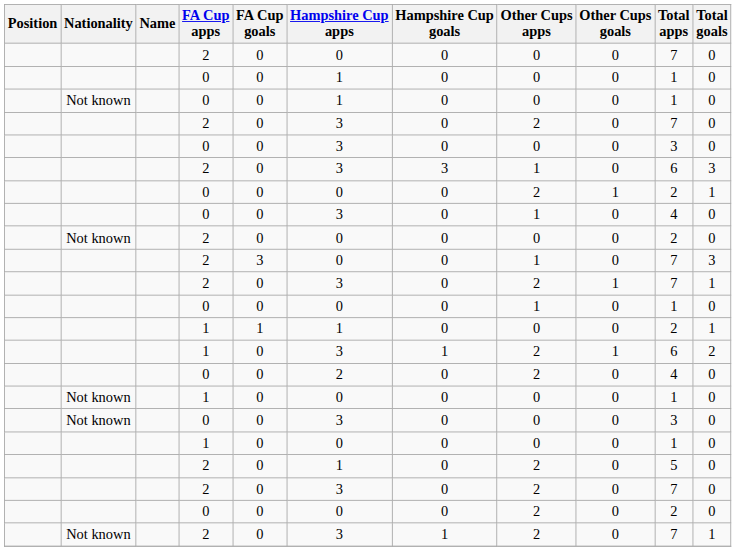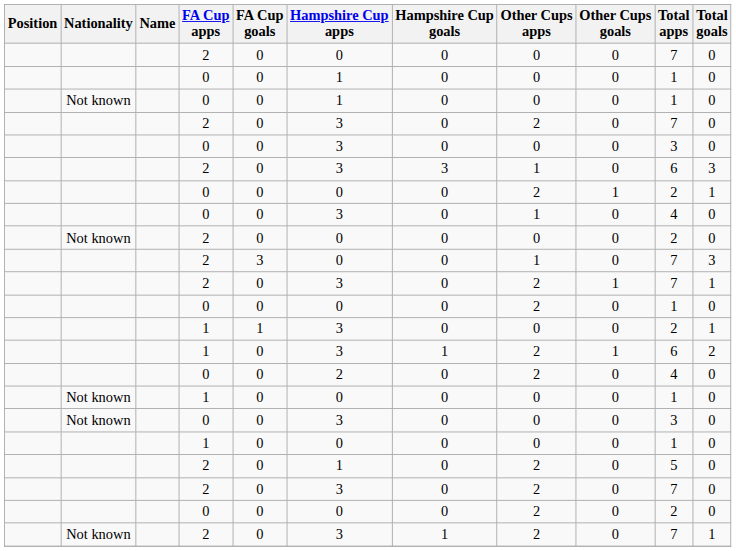 <table class="wikitable sortable" style="text-align:center">
 <tr>
 <th>Position</th>
 <th>Nationality</th>
 <th>Name</th>
 <th><a href='#'>FA Cup</a><br>apps</th>
 <th>FA Cup<br>goals</th>
 <th><a href='#'>Hampshire Cup</a><br>apps</th>
 <th>Hampshire Cup<br>goals</th>
 <th>Other Cups<br>apps</th>
 <th>Other Cups<br>goals</th>
 <th>Total<br>apps</th>
 <th>Total<br>goals</th>
 </tr>
 <tr>
 <td></td>
 <td></td>
 <td align="left">  </td>
 <td>2</td>
 <td>0</td>
 <td>0</td>
 <td>0</td>
 <td>0</td>
 <td>0</td>
 <td>7</td>
 <td>0</td>
 </tr>
 <tr>
 <td></td>
 <td></td>
 <td align="left"></td>
 <td>0</td>
 <td>0</td>
 <td>1</td>
 <td>0</td>
 <td>0</td>
 <td>0</td>
 <td>1</td>
 <td>0</td>
 </tr>
 <tr>
 <td></td>
 <td>Not known</td>
 <td align="left"></td>
 <td>0</td>
 <td>0</td>
 <td>1</td>
 <td>0</td>
 <td>0</td>
 <td>0</td>
 <td>1</td>
 <td>0</td>
 </tr>
 <tr>
 <td></td>
 <td></td>
 <td align="left"></td>
 <td>2</td>
 <td>0</td>
 <td>3</td>
 <td>0</td>
 <td>2</td>
 <td>0</td>
 <td>7</td>
 <td>0</td>
 </tr>
 <tr>
 <td></td>
 <td></td>
 <td align="left"></td>
 <td>0</td>
 <td>0</td>
 <td>3</td>
 <td>0</td>
 <td>0</td>
 <td>0</td>
 <td>3</td>
 <td>0</td>
 </tr>
 <tr>
 <td></td>
 <td></td>
 <td align="left"></td>
 <td>2</td>
 <td>0</td>
 <td>3</td>
 <td>3</td>
 <td>1</td>
 <td>0</td>
 <td>6</td>
 <td>3</td>
 </tr>
 <tr>
 <td></td>
 <td></td>
 <td align="left"></td>
 <td>0</td>
 <td>0</td>
 <td>0</td>
 <td>0</td>
 <td>2</td>
 <td>1</td>
 <td>2</td>
 <td>1</td>
 </tr>
 <tr>
 <td></td>
 <td></td>
 <td align="left"></td>
 <td>0</td>
 <td>0</td>
 <td>3</td>
 <td>0</td>
 <td>1</td>
 <td>0</td>
 <td>4</td>
 <td>0</td>
 </tr>
 <tr>
 <td></td>
 <td>Not known</td>
 <td align="left"> </td>
 <td>2</td>
 <td>0</td>
 <td>0</td>
 <td>0</td>
 <td>0</td>
 <td>0</td>
 <td>2</td>
 <td>0</td>
 </tr>
 <tr>
 <td></td>
 <td></td>
 <td align="left"></td>
 <td>2</td>
 <td>3</td>
 <td>0</td>
 <td>0</td>
 <td>1</td>
 <td>0</td>
 <td>7</td>
 <td>3</td>
 </tr>
 <tr>
 <td></td>
 <td></td>
 <td align="left"></td>
 <td>2</td>
 <td>0</td>
 <td>3</td>
 <td>0</td>
 <td>2</td>
 <td>1</td>
 <td>7</td>
 <td>1</td>
 </tr>
 <tr>
 <td></td>
 <td></td>
 <td align="left"></td>
 <td>0</td>
 <td>0</td>
 <td>0</td>
 <td>0</td>
-<td>1</td>
+<td>2</td>
 <td>0</td>
 <td>1</td>
 <td>0</td>
 </tr>
 <tr>
 <td></td>
 <td></td>
 <td align="left"></td>
 <td>1</td>
 <td>1</td>
-<td>1</td>
+<td>3</td>
 <td>0</td>
 <td>0</td>
 <td>0</td>
 <td>2</td>
 <td>1</td>
 </tr>
 <tr>
 <td></td>
 <td></td>
 <td align="left"></td>
 <td>1</td>
 <td>0</td>
 <td>3</td>
 <td>1</td>
 <td>2</td>
 <td>1</td>
 <td>6</td>
 <td>2</td>
 </tr>
 <tr>
 <td></td>
 <td></td>
 <td align="left"></td>
 <td>0</td>
 <td>0</td>
 <td>2</td>
 <td>0</td>
 <td>2</td>
 <td>0</td>
 <td>4</td>
 <td>0</td>
 </tr>
 <tr>
 <td></td>
 <td>Not known</td>
 <td align="left"> </td>
 <td>1</td>
 <td>0</td>
 <td>0</td>
 <td>0</td>
 <td>0</td>
 <td>0</td>
 <td>1</td>
 <td>0</td>
 </tr>
 <tr>
 <td></td>
 <td>Not known</td>
 <td align="left"></td>
 <td>0</td>
 <td>0</td>
 <td>3</td>
 <td>0</td>
 <td>0</td>
 <td>0</td>
 <td>3</td>
 <td>0</td>
 </tr>
 <tr>
 <td></td>
 <td></td>
 <td align="left"></td>
 <td>1</td>
 <td>0</td>
 <td>0</td>
 <td>0</td>
 <td>0</td>
 <td>0</td>
 <td>1</td>
 <td>0</td>
 </tr>
 <tr>
 <td></td>
 <td></td>
 <td align="left"></td>
 <td>2</td>
 <td>0</td>
 <td>1</td>
 <td>0</td>
 <td>2</td>
 <td>0</td>
 <td>5</td>
 <td>0</td>
 </tr>
 <tr>
 <td></td>
 <td></td>
 <td align="left"></td>
 <td>2</td>
 <td>0</td>
 <td>3</td>
 <td>0</td>
 <td>2</td>
 <td>0</td>
 <td>7</td>
 <td>0</td>
 </tr>
 <tr>
 <td></td>
 <td></td>
 <td align="left"></td>
 <td>0</td>
 <td>0</td>
 <td>0</td>
 <td>0</td>
 <td>2</td>
 <td>0</td>
 <td>2</td>
 <td>0</td>
 </tr>
 <tr>
 <td></td>
 <td>Not known</td>
 <td align="left"></td>
 <td>2</td>
 <td>0</td>
 <td>3</td>
 <td>1</td>
 <td>2</td>
 <td>0</td>
 <td>7</td>
 <td>1</td>
 </tr>
 <tr>
 </tr>
 </table>
